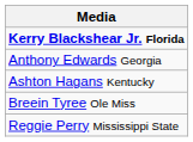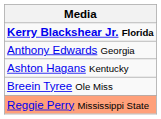 <table class="wikitable" style="white-space:nowrap; font-size:90%;">
 <tr>
 <th>Media</th>
 </tr>
 <tr>
 <td><strong><a href='#'>Kerry Blackshear Jr.</a> <small>Florida</small></strong></td>
 </tr>
 <tr>
 <td><a href='#'>Anthony Edwards</a> <small>Georgia</small></td>
 </tr>
 <tr>
 <td><a href='#'>Ashton Hagans</a> <small>Kentucky</small></td>
 </tr>
 <tr>
 <td><a href='#'>Breein Tyree</a> <small>Ole Miss</small></td>
 </tr>
 <tr>
-<td><a href='#'>Reggie Perry</a> <small>Mississippi State</small></td>
+<td style="background: lightsalmon;"><a href='#'>Reggie Perry</a> <small>Mississippi State</small></td>
 </tr>
 </table>
